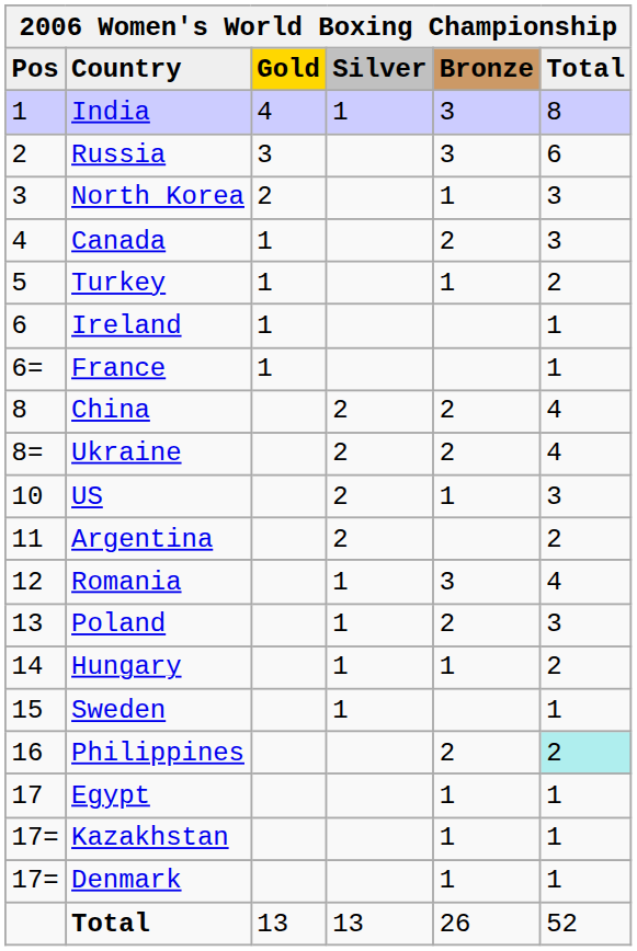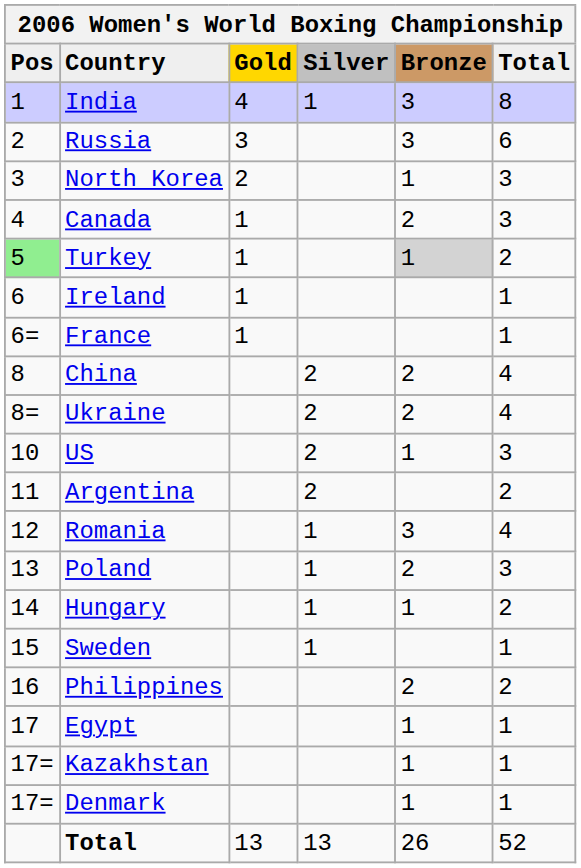 <table class="wikitable">
 <tr>
 <th colspan=7 style="border-right:0px;";><strong>2006 Women's World Boxing Championship</strong></th>
 </tr>
 <tr bgcolor="#efefef">
 <td><strong>Pos</strong></td>
 <td><strong>Country</strong></td>
 <td bgcolor="gold"><strong>Gold</strong></td>
 <td bgcolor="silver"><strong>Silver</strong></td>
 <td bgcolor="CC9966"><strong>Bronze</strong></td>
 <td><strong>Total</strong></td>
 </tr>
 <tr style="background:#ccccff">
 <td>1</td>
 <td> <a href='#'>India</a></td>
 <td>4</td>
 <td>1</td>
 <td>3</td>
 <td>8</td>
 </tr>
 <tr>
 <td>2</td>
 <td> <a href='#'>Russia</a></td>
 <td>3</td>
 <td></td>
 <td>3</td>
 <td>6</td>
 </tr>
 <tr>
 <td>3</td>
 <td> <a href='#'>North Korea</a></td>
 <td>2</td>
 <td></td>
 <td>1</td>
 <td>3</td>
 </tr>
 <tr>
 <td>4</td>
 <td> <a href='#'>Canada</a></td>
 <td>1</td>
 <td></td>
 <td>2</td>
 <td>3</td>
 </tr>
 <tr>
-<td>5</td>
+<td style="background: lightgreen;">5</td>
 <td> <a href='#'>Turkey</a></td>
 <td>1</td>
 <td></td>
-<td>1</td>
+<td style="background: lightgrey;">1</td>
 <td>2</td>
 </tr>
 <tr>
 <td>6</td>
 <td> <a href='#'>Ireland</a></td>
 <td>1</td>
 <td></td>
 <td></td>
 <td>1</td>
 </tr>
 <tr>
 <td>6=</td>
 <td> <a href='#'>France</a></td>
 <td>1</td>
 <td></td>
 <td></td>
 <td>1</td>
 </tr>
 <tr>
 <td>8</td>
 <td> <a href='#'>China</a></td>
 <td></td>
 <td>2</td>
 <td>2</td>
 <td>4</td>
 </tr>
 <tr>
 <td>8=</td>
 <td> <a href='#'>Ukraine</a></td>
 <td></td>
 <td>2</td>
 <td>2</td>
 <td>4</td>
 </tr>
 <tr>
 <td>10</td>
 <td> <a href='#'>US</a></td>
 <td></td>
 <td>2</td>
 <td>1</td>
 <td>3</td>
 </tr>
 <tr>
 <td>11</td>
 <td> <a href='#'>Argentina</a></td>
 <td></td>
 <td>2</td>
 <td></td>
 <td>2</td>
 </tr>
 <tr>
 <td>12</td>
 <td> <a href='#'>Romania</a></td>
 <td></td>
 <td>1</td>
 <td>3</td>
 <td>4</td>
 </tr>
 <tr>
 <td>13</td>
 <td> <a href='#'>Poland</a></td>
 <td></td>
 <td>1</td>
 <td>2</td>
 <td>3</td>
 </tr>
 <tr>
 <td>14</td>
 <td> <a href='#'>Hungary</a></td>
 <td></td>
 <td>1</td>
 <td>1</td>
 <td>2</td>
 </tr>
 <tr>
 <td>15</td>
 <td> <a href='#'>Sweden</a></td>
 <td></td>
 <td>1</td>
 <td></td>
 <td>1</td>
 </tr>
 <tr>
 <td>16</td>
 <td> <a href='#'>Philippines</a></td>
 <td></td>
 <td></td>
 <td>2</td>
-<td style="background: paleturquoise;">2</td>
+<td>2</td>
 </tr>
 <tr>
 <td>17</td>
 <td> <a href='#'>Egypt</a></td>
 <td></td>
 <td></td>
 <td>1</td>
 <td>1</td>
 </tr>
 <tr>
 <td>17=</td>
 <td> <a href='#'>Kazakhstan</a></td>
 <td></td>
 <td></td>
 <td>1</td>
 <td>1</td>
 </tr>
 <tr>
 <td>17=</td>
 <td> <a href='#'>Denmark</a></td>
 <td></td>
 <td></td>
 <td>1</td>
 <td>1</td>
 </tr>
 <tr>
 <td></td>
 <td><strong>Total</strong></td>
 <td>13</td>
 <td>13</td>
 <td>26</td>
 <td>52</td>
 </tr>
 </table>
